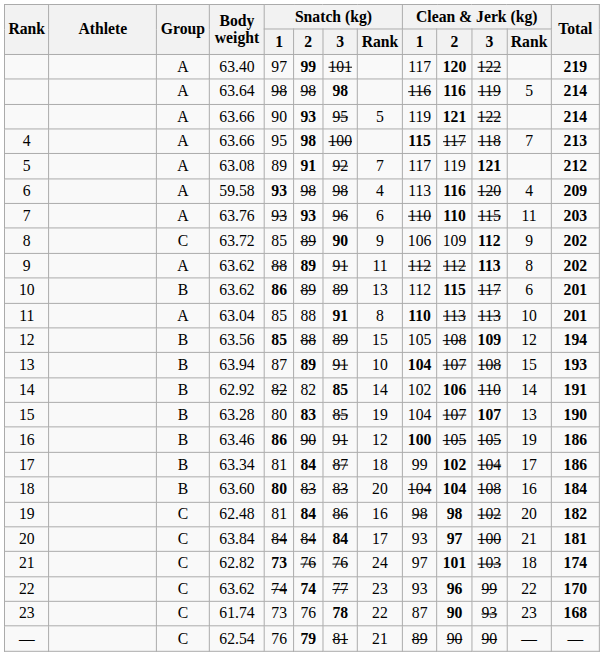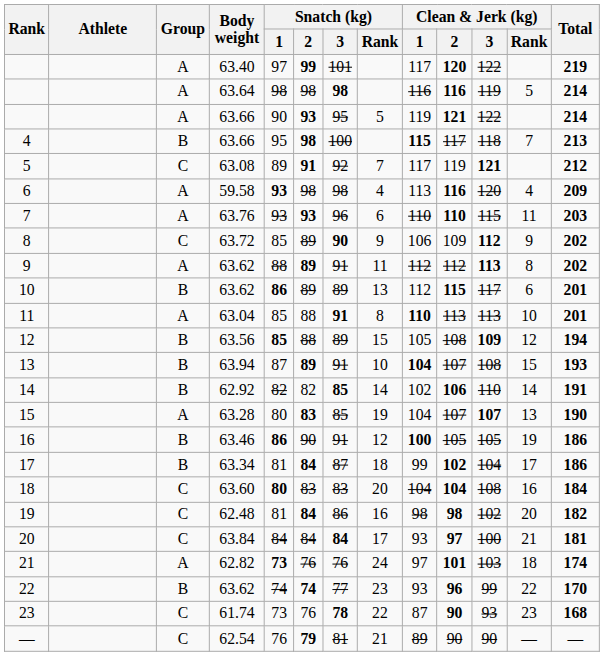 <table class = "wikitable" style="text-align:center;">
 <tr>
 <th rowspan=2 width=40>Rank</th>
 <th rowspan=2 width=250>Athlete</th>
 <th rowspan=2 width=50>Group</th>
 <th rowspan=2 width=60>Body weight</th>
 <th colspan=4>Snatch (kg)</th>
 <th colspan=4>Clean & Jerk (kg)</th>
 <th rowspan=2 width=60>Total</th>
 </tr>
 <tr>
 <th width=40>1</th>
 <th width=40>2</th>
 <th width=40>3</th>
 <th width=40>Rank</th>
 <th width=40>1</th>
 <th width=40>2</th>
 <th width=40>3</th>
 <th width=40>Rank</th>
 </tr>
 <tr>
 <td></td>
 <td align=left></td>
 <td>A</td>
 <td>63.40</td>
 <td>97</td>
 <td><strong>99</strong></td>
 <td><s>101</s></td>
 <td></td>
 <td>117</td>
 <td><strong>120</strong></td>
 <td><s>122</s></td>
 <td></td>
 <td><strong>219</strong></td>
 </tr>
 <tr>
 <td></td>
 <td align=left></td>
 <td>A</td>
 <td>63.64</td>
 <td><s>98</s></td>
 <td><s>98</s></td>
 <td><strong>98</strong></td>
 <td></td>
 <td><s>116</s></td>
 <td><strong>116</strong></td>
 <td><s>119</s></td>
 <td>5</td>
 <td><strong>214</strong></td>
 </tr>
 <tr>
 <td></td>
 <td align=left></td>
 <td>A</td>
 <td>63.66</td>
 <td>90</td>
 <td><strong>93</strong></td>
 <td><s>95</s></td>
 <td>5</td>
 <td>119</td>
 <td><strong>121</strong></td>
 <td><s>122</s></td>
 <td></td>
 <td><strong>214</strong></td>
 </tr>
 <tr>
 <td>4</td>
 <td align=left></td>
-<td>A</td>
+<td>B</td>
 <td>63.66</td>
 <td>95</td>
 <td><strong>98</strong></td>
 <td><s>100</s></td>
 <td></td>
 <td><strong>115</strong></td>
 <td><s>117</s></td>
 <td><s>118</s></td>
 <td>7</td>
 <td><strong>213</strong></td>
 </tr>
 <tr>
 <td>5</td>
 <td align=left></td>
-<td>A</td>
+<td>C</td>
 <td>63.08</td>
 <td>89</td>
 <td><strong>91</strong></td>
 <td><s>92</s></td>
 <td>7</td>
 <td>117</td>
 <td>119</td>
 <td><strong>121</strong></td>
 <td></td>
 <td><strong>212</strong></td>
 </tr>
 <tr>
 <td>6</td>
 <td align=left></td>
 <td>A</td>
 <td>59.58</td>
 <td><strong>93</strong></td>
 <td><s>98</s></td>
 <td><s>98</s></td>
 <td>4</td>
 <td>113</td>
 <td><strong>116</strong></td>
 <td><s>120</s></td>
 <td>4</td>
 <td><strong>209</strong></td>
 </tr>
 <tr>
 <td>7</td>
 <td align=left></td>
 <td>A</td>
 <td>63.76</td>
 <td><s>93</s></td>
 <td><strong>93</strong></td>
 <td><s>96</s></td>
 <td>6</td>
 <td><s>110</s></td>
 <td><strong>110</strong></td>
 <td><s>115</s></td>
 <td>11</td>
 <td><strong>203</strong></td>
 </tr>
 <tr>
 <td>8</td>
 <td align=left></td>
 <td>C</td>
 <td>63.72</td>
 <td>85</td>
 <td><s>89</s></td>
 <td><strong>90</strong></td>
 <td>9</td>
 <td>106</td>
 <td>109</td>
 <td><strong>112</strong></td>
 <td>9</td>
 <td><strong>202</strong></td>
 </tr>
 <tr>
 <td>9</td>
 <td align=left></td>
 <td>A</td>
 <td>63.62</td>
 <td><s>88</s></td>
 <td><strong>89</strong></td>
 <td><s>91</s></td>
 <td>11</td>
 <td><s>112</s></td>
 <td><s>112</s></td>
 <td><strong>113</strong></td>
 <td>8</td>
 <td><strong>202</strong></td>
 </tr>
 <tr>
 <td>10</td>
 <td align=left></td>
 <td>B</td>
 <td>63.62</td>
 <td><strong>86</strong></td>
 <td><s>89</s></td>
 <td><s>89</s></td>
 <td>13</td>
 <td>112</td>
 <td><strong>115</strong></td>
 <td><s>117</s></td>
 <td>6</td>
 <td><strong>201</strong></td>
 </tr>
 <tr>
 <td>11</td>
 <td align=left></td>
 <td>A</td>
 <td>63.04</td>
 <td>85</td>
 <td>88</td>
 <td><strong>91</strong></td>
 <td>8</td>
 <td><strong>110</strong></td>
 <td><s>113</s></td>
 <td><s>113</s></td>
 <td>10</td>
 <td><strong>201</strong></td>
 </tr>
 <tr>
 <td>12</td>
 <td align=left></td>
 <td>B</td>
 <td>63.56</td>
 <td><strong>85</strong></td>
 <td><s>88</s></td>
 <td><s>89</s></td>
 <td>15</td>
 <td>105</td>
 <td><s>108</s></td>
 <td><strong>109</strong></td>
 <td>12</td>
 <td><strong>194</strong></td>
 </tr>
 <tr>
 <td>13</td>
 <td align=left></td>
 <td>B</td>
 <td>63.94</td>
 <td>87</td>
 <td><strong>89</strong></td>
 <td><s>91</s></td>
 <td>10</td>
 <td><strong>104</strong></td>
 <td><s>107</s></td>
 <td><s>108</s></td>
 <td>15</td>
 <td><strong>193</strong></td>
 </tr>
 <tr>
 <td>14</td>
 <td align=left></td>
 <td>B</td>
 <td>62.92</td>
 <td><s>82</s></td>
 <td>82</td>
 <td><strong>85</strong></td>
 <td>14</td>
 <td>102</td>
 <td><strong>106</strong></td>
 <td><s>110</s></td>
 <td>14</td>
 <td><strong>191</strong></td>
 </tr>
 <tr>
 <td>15</td>
 <td align=left></td>
-<td>B</td>
+<td>A</td>
 <td>63.28</td>
 <td>80</td>
 <td><strong>83</strong></td>
 <td><s>85</s></td>
 <td>19</td>
 <td>104</td>
 <td><s>107</s></td>
 <td><strong>107</strong></td>
 <td>13</td>
 <td><strong>190</strong></td>
 </tr>
 <tr>
 <td>16</td>
 <td align=left></td>
 <td>B</td>
 <td>63.46</td>
 <td><strong>86</strong></td>
 <td><s>90</s></td>
 <td><s>91</s></td>
 <td>12</td>
 <td><strong>100</strong></td>
 <td><s>105</s></td>
 <td><s>105</s></td>
 <td>19</td>
 <td><strong>186</strong></td>
 </tr>
 <tr>
 <td>17</td>
 <td align=left></td>
 <td>B</td>
 <td>63.34</td>
 <td>81</td>
 <td><strong>84</strong></td>
 <td><s>87</s></td>
 <td>18</td>
 <td>99</td>
 <td><strong>102</strong></td>
 <td><s>104</s></td>
 <td>17</td>
 <td><strong>186</strong></td>
 </tr>
 <tr>
 <td>18</td>
 <td align=left></td>
-<td>B</td>
+<td>C</td>
 <td>63.60</td>
 <td><strong>80</strong></td>
 <td><s>83</s></td>
 <td><s>83</s></td>
 <td>20</td>
 <td><s>104</s></td>
 <td><strong>104</strong></td>
 <td><s>108</s></td>
 <td>16</td>
 <td><strong>184</strong></td>
 </tr>
 <tr>
 <td>19</td>
 <td align=left></td>
 <td>C</td>
 <td>62.48</td>
 <td>81</td>
 <td><strong>84</strong></td>
 <td><s>86</s></td>
 <td>16</td>
 <td><s>98</s></td>
 <td><strong>98</strong></td>
 <td><s>102</s></td>
 <td>20</td>
 <td><strong>182</strong></td>
 </tr>
 <tr>
 <td>20</td>
 <td align=left></td>
 <td>C</td>
 <td>63.84</td>
 <td><s>84</s></td>
 <td><s>84</s></td>
 <td><strong>84</strong></td>
 <td>17</td>
 <td>93</td>
 <td><strong>97</strong></td>
 <td><s>100</s></td>
 <td>21</td>
 <td><strong>181</strong></td>
 </tr>
 <tr>
 <td>21</td>
 <td align=left></td>
-<td>C</td>
+<td>A</td>
 <td>62.82</td>
 <td><strong>73</strong></td>
 <td><s>76</s></td>
 <td><s>76</s></td>
 <td>24</td>
 <td>97</td>
 <td><strong>101</strong></td>
 <td><s>103</s></td>
 <td>18</td>
 <td><strong>174</strong></td>
 </tr>
 <tr>
 <td>22</td>
 <td align=left></td>
-<td>C</td>
+<td>B</td>
 <td>63.62</td>
 <td><s>74</s></td>
 <td><strong>74</strong></td>
 <td><s>77</s></td>
 <td>23</td>
 <td>93</td>
 <td><strong>96</strong></td>
 <td><s>99</s></td>
 <td>22</td>
 <td><strong>170</strong></td>
 </tr>
 <tr>
 <td>23</td>
 <td align=left></td>
 <td>C</td>
 <td>61.74</td>
 <td>73</td>
 <td>76</td>
 <td><strong>78</strong></td>
 <td>22</td>
 <td>87</td>
 <td><strong>90</strong></td>
 <td><s>93</s></td>
 <td>23</td>
 <td><strong>168</strong></td>
 </tr>
 <tr>
 <td>—</td>
 <td align=left></td>
 <td>C</td>
 <td>62.54</td>
 <td>76</td>
 <td><strong>79</strong></td>
 <td><s>81</s></td>
 <td>21</td>
 <td><s>89</s></td>
 <td><s>90</s></td>
 <td><s>90</s></td>
 <td>—</td>
 <td>—</td>
 </tr>
 </table>
